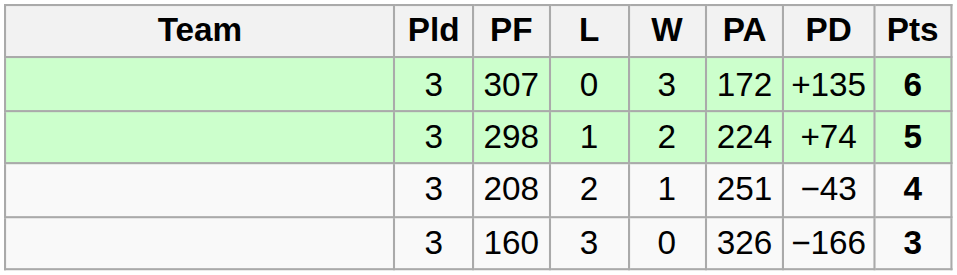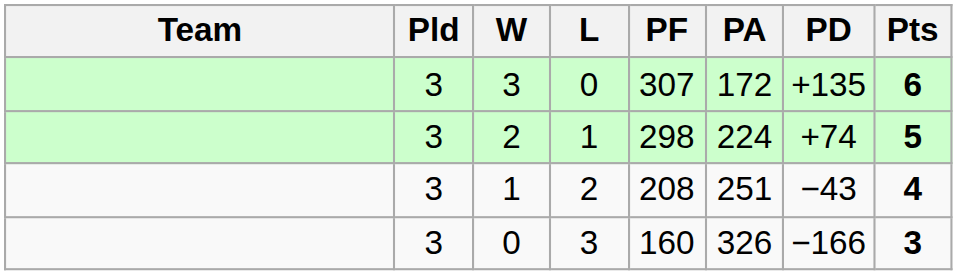 <table class=wikitable style="text-align:center">
 <tr>
 <th width=180>Team</th>
 <th width=30>Pld</th>
+<th width=30>W</th>
+<th width=30>L</th>
 <th width=30>PF</th>
-<th width=30>L</th>
-<th width=30>W</th>
 <th width=30>PA</th>
 <th width=30>PD</th>
 <th width=30>Pts</th>
 </tr>
 <tr bgcolor="#ccffcc">
 <td align=left></td>
 <td>3</td>
+<td>3</td>
+<td>0</td>
 <td>307</td>
-<td>0</td>
-<td>3</td>
 <td>172</td>
 <td>+135</td>
 <td><strong>6</strong></td>
 </tr>
 <tr bgcolor="#ccffcc">
 <td align=left></td>
 <td>3</td>
+<td>2</td>
+<td>1</td>
 <td>298</td>
-<td>1</td>
-<td>2</td>
 <td>224</td>
 <td>+74</td>
 <td><strong>5</strong></td>
 </tr>
 <tr align=center>
 <td align=left></td>
 <td>3</td>
+<td>1</td>
+<td>2</td>
 <td>208</td>
-<td>2</td>
-<td>1</td>
 <td>251</td>
 <td>−43</td>
 <td><strong>4</strong></td>
 </tr>
 <tr align=center>
 <td align=left></td>
 <td>3</td>
+<td>0</td>
+<td>3</td>
 <td>160</td>
-<td>3</td>
-<td>0</td>
 <td>326</td>
 <td>−166</td>
 <td><strong>3</strong></td>
 </tr>
 </table>
